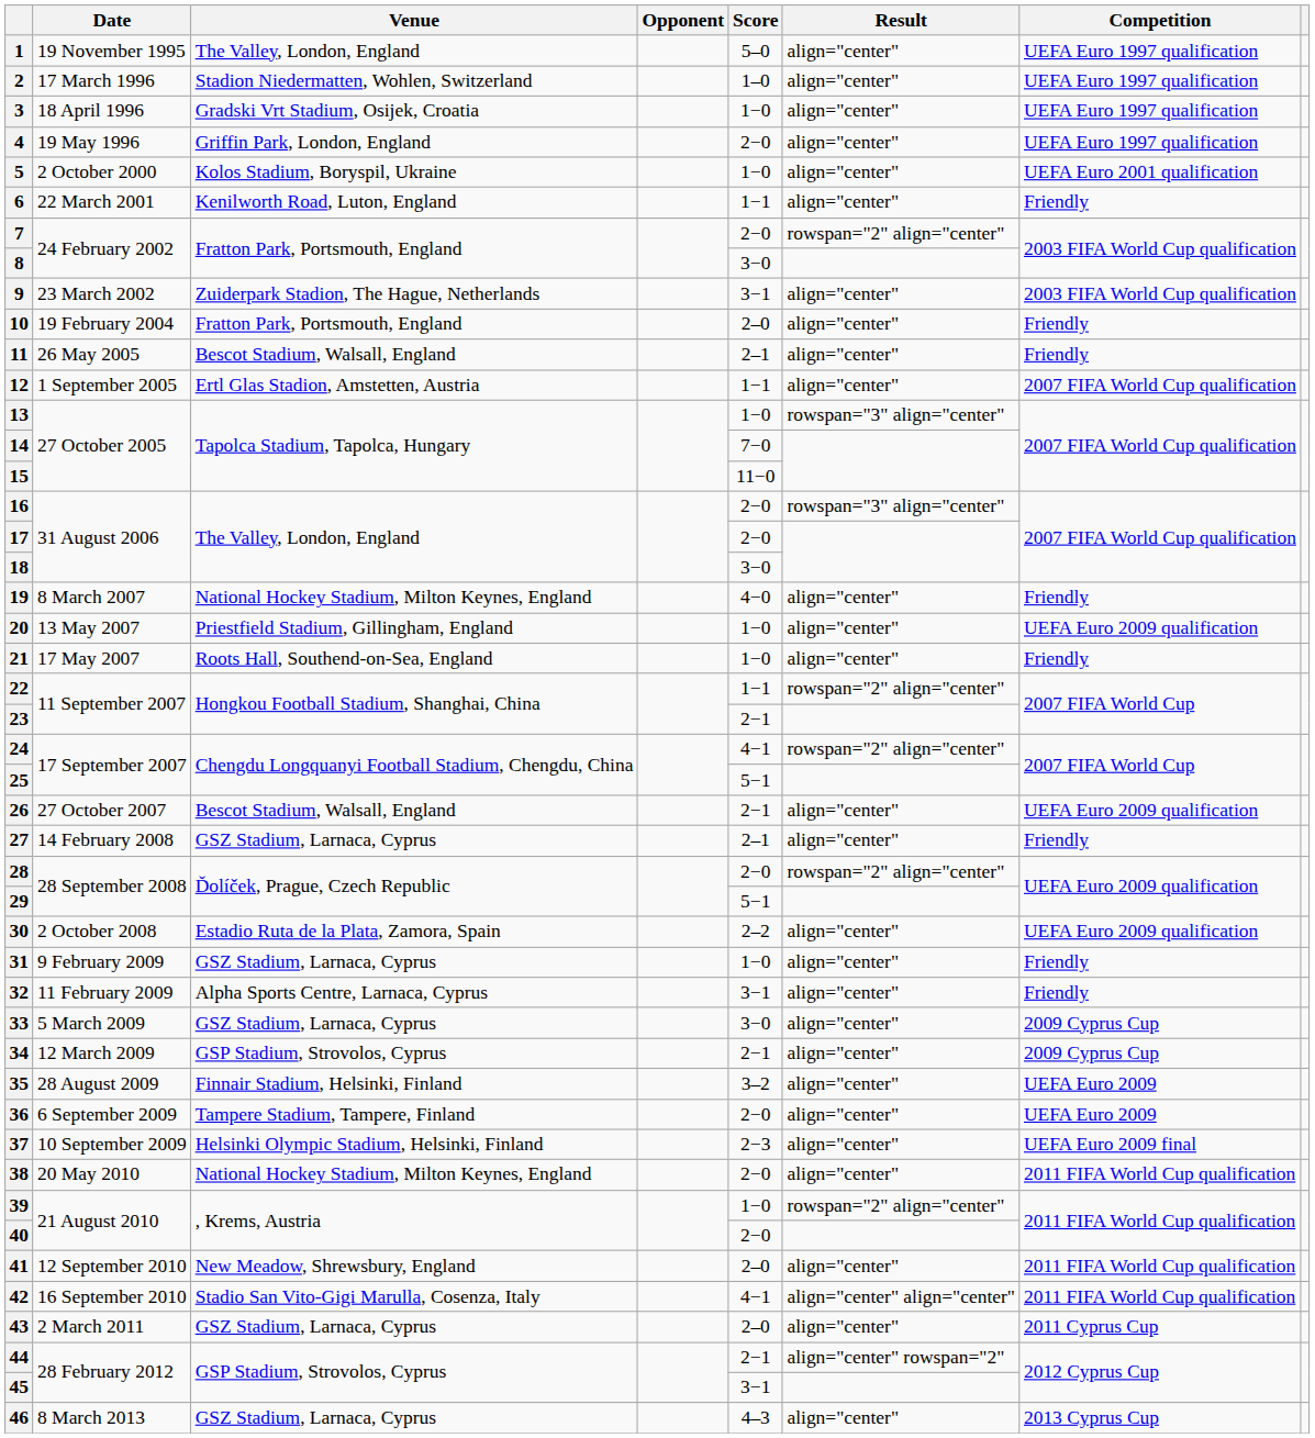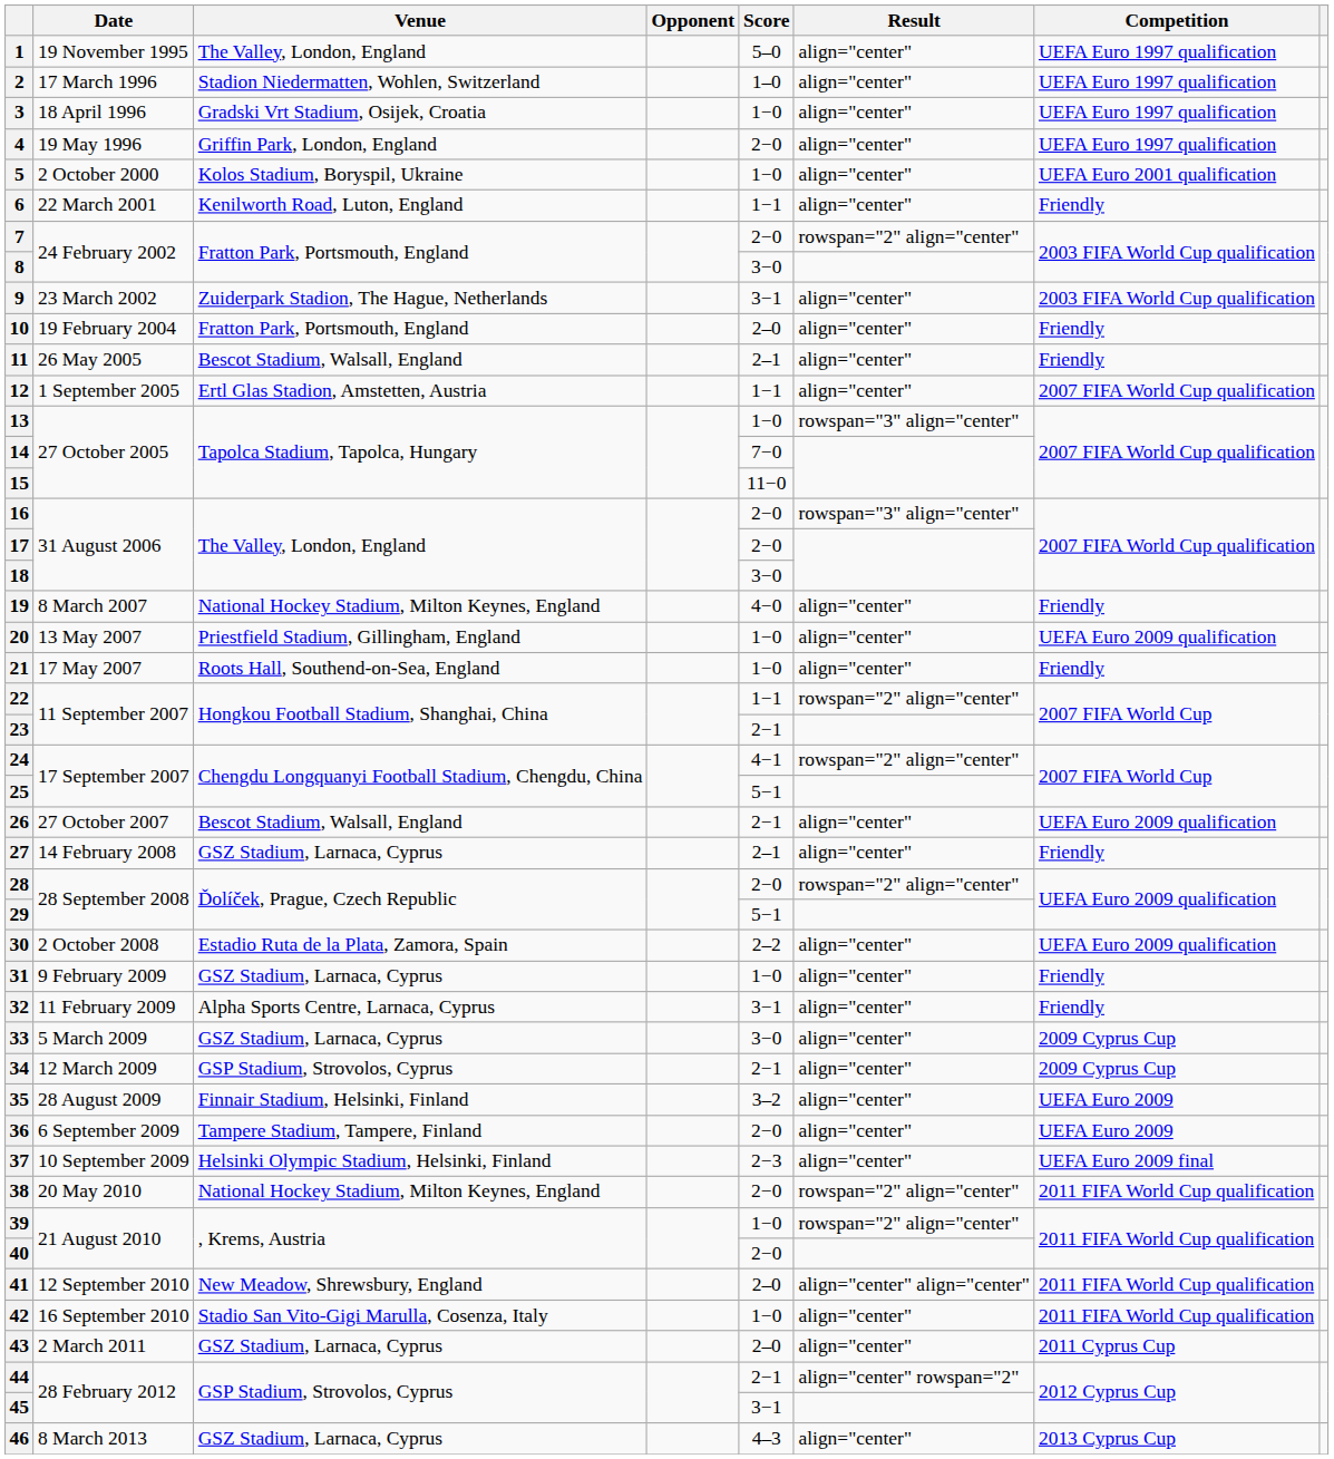 <table class="wikitable sortable">
 <tr>
 <th scope=col></th>
 <th scope=col>Date</th>
 <th scope=col>Venue</th>
 <th scope=col>Opponent</th>
 <th scope=col>Score</th>
 <th scope=col>Result</th>
 <th scope=col>Competition</th>
 <th scope=col class=unsortable></th>
 </tr>
 <tr>
 <th scope="row">1</th>
 <td>19 November 1995</td>
 <td><a href='#'>The Valley</a>, London, England</td>
 <td></td>
 <td align="center">5–0</td>
 <td>align="center" </td>
 <td><a href='#'>UEFA Euro 1997 qualification</a></td>
 <td align="center"></td>
 </tr>
 <tr>
 <th scope="row">2</th>
 <td>17 March 1996</td>
 <td><a href='#'>Stadion Niedermatten</a>, Wohlen, Switzerland</td>
 <td></td>
 <td align="center">1–0</td>
 <td>align="center" </td>
 <td><a href='#'>UEFA Euro 1997 qualification</a></td>
 <td align="center"></td>
 </tr>
 <tr>
 <th scope="row">3</th>
 <td>18 April 1996</td>
 <td><a href='#'>Gradski Vrt Stadium</a>, Osijek, Croatia</td>
 <td></td>
 <td align="center">1−0</td>
 <td>align="center" </td>
 <td><a href='#'>UEFA Euro 1997 qualification</a></td>
 <td align="center"></td>
 </tr>
 <tr>
 <th scope="row">4</th>
 <td>19 May 1996</td>
 <td><a href='#'>Griffin Park</a>, London, England</td>
 <td></td>
 <td align="center">2−0</td>
 <td>align="center" </td>
 <td><a href='#'>UEFA Euro 1997 qualification</a></td>
 <td align="center"></td>
 </tr>
 <tr>
 <th scope="row">5</th>
 <td>2 October 2000</td>
 <td><a href='#'>Kolos Stadium</a>, Boryspil, Ukraine</td>
 <td></td>
 <td align="center">1−0</td>
 <td>align="center" </td>
 <td><a href='#'>UEFA Euro 2001 qualification</a></td>
 <td align="center"></td>
 </tr>
 <tr>
 <th scope="row">6</th>
 <td>22 March 2001</td>
 <td><a href='#'>Kenilworth Road</a>, Luton, England</td>
 <td></td>
 <td align="center">1−1</td>
 <td>align="center" </td>
 <td><a href='#'>Friendly</a></td>
 <td align="center"></td>
 </tr>
 <tr>
 <th scope="row">7</th>
 <td rowspan="2">24 February 2002</td>
 <td rowspan="2"><a href='#'>Fratton Park</a>, Portsmouth, England</td>
 <td rowspan="2"></td>
 <td align="center">2−0</td>
 <td>rowspan="2" align="center" </td>
 <td rowspan="2"><a href='#'>2003 FIFA World Cup qualification</a></td>
 <td rowspan="2" align="center"></td>
 </tr>
 <tr>
 <th scope="row">8</th>
 <td align="center">3−0</td>
 </tr>
 <tr>
 <th scope="row">9</th>
 <td>23 March 2002</td>
 <td><a href='#'>Zuiderpark Stadion</a>, The Hague, Netherlands</td>
 <td></td>
 <td align="center">3−1</td>
 <td>align="center" </td>
 <td><a href='#'>2003 FIFA World Cup qualification</a></td>
 <td align="center"></td>
 </tr>
 <tr>
 <th scope="row">10</th>
 <td>19 February 2004</td>
 <td><a href='#'>Fratton Park</a>, Portsmouth, England</td>
 <td></td>
 <td align="center">2–0</td>
 <td>align="center" </td>
 <td><a href='#'>Friendly</a></td>
 <td align="center"></td>
 </tr>
 <tr>
 <th scope="row">11</th>
 <td>26 May 2005</td>
 <td><a href='#'>Bescot Stadium</a>, Walsall, England</td>
 <td></td>
 <td align="center">2–1</td>
 <td>align="center" </td>
 <td><a href='#'>Friendly</a></td>
 <td align="center"></td>
 </tr>
 <tr>
 <th scope="row">12</th>
 <td>1 September 2005</td>
 <td><a href='#'>Ertl Glas Stadion</a>, Amstetten, Austria</td>
 <td></td>
 <td align="center">1−1</td>
 <td>align="center" </td>
 <td><a href='#'>2007 FIFA World Cup qualification</a></td>
 <td align="center"></td>
 </tr>
 <tr>
 <th scope="row">13</th>
 <td rowspan="3">27 October 2005</td>
 <td rowspan="3"><a href='#'>Tapolca Stadium</a>, Tapolca, Hungary</td>
 <td rowspan="3"></td>
 <td align="center">1−0</td>
 <td>rowspan="3" align="center" </td>
 <td rowspan="3"><a href='#'>2007 FIFA World Cup qualification</a></td>
 <td rowspan="3" align="center"></td>
 </tr>
 <tr>
 <th scope="row">14</th>
 <td align="center">7−0</td>
 </tr>
 <tr>
 <th scope="row">15</th>
 <td align="center">11−0</td>
 </tr>
 <tr>
 <th scope="row">16</th>
 <td rowspan="3">31 August 2006</td>
 <td rowspan="3"><a href='#'>The Valley</a>, London, England</td>
 <td rowspan="3"></td>
 <td align="center">2−0</td>
 <td>rowspan="3" align="center" </td>
 <td rowspan="3"><a href='#'>2007 FIFA World Cup qualification</a></td>
 <td rowspan="3" align="center"></td>
 </tr>
 <tr>
 <th scope="row">17</th>
 <td align="center">2−0</td>
 </tr>
 <tr>
 <th scope="row">18</th>
 <td align="center">3−0</td>
 </tr>
 <tr>
 <th scope="row">19</th>
 <td>8 March 2007</td>
 <td><a href='#'>National Hockey Stadium</a>, Milton Keynes, England</td>
 <td></td>
 <td align="center">4−0</td>
 <td>align="center" </td>
 <td><a href='#'>Friendly</a></td>
 <td align="center"></td>
 </tr>
 <tr>
 <th scope="row">20</th>
 <td>13 May 2007</td>
 <td><a href='#'>Priestfield Stadium</a>, Gillingham, England</td>
 <td></td>
 <td align="center">1−0</td>
 <td>align="center" </td>
 <td><a href='#'>UEFA Euro 2009 qualification</a></td>
 <td align="center"></td>
 </tr>
 <tr>
 <th scope="row">21</th>
 <td>17 May 2007</td>
 <td><a href='#'>Roots Hall</a>, Southend-on-Sea, England</td>
 <td></td>
 <td align="center">1−0</td>
 <td>align="center" </td>
 <td><a href='#'>Friendly</a></td>
 <td align="center"></td>
 </tr>
 <tr>
 <th scope="row">22</th>
 <td rowspan="2">11 September 2007</td>
 <td rowspan="2"><a href='#'>Hongkou Football Stadium</a>, Shanghai, China</td>
 <td rowspan="2"></td>
 <td align="center">1−1</td>
 <td>rowspan="2" align="center" </td>
 <td rowspan="2"><a href='#'>2007 FIFA World Cup</a></td>
 <td rowspan="2" align="center"></td>
 </tr>
 <tr>
 <th scope="row">23</th>
 <td align="center">2−1</td>
 </tr>
 <tr>
 <th scope="row">24</th>
 <td rowspan="2">17 September 2007</td>
 <td rowspan="2"><a href='#'>Chengdu Longquanyi Football Stadium</a>, Chengdu, China</td>
 <td rowspan="2"></td>
 <td align="center">4−1</td>
 <td>rowspan="2" align="center" </td>
 <td rowspan="2"><a href='#'>2007 FIFA World Cup</a></td>
 <td rowspan="2" align="center"></td>
 </tr>
 <tr>
 <th scope="row">25</th>
 <td align="center">5−1</td>
 </tr>
 <tr>
 <th scope="row">26</th>
 <td>27 October 2007</td>
 <td><a href='#'>Bescot Stadium</a>, Walsall, England</td>
 <td></td>
 <td align="center">2−1</td>
 <td>align="center" </td>
 <td><a href='#'>UEFA Euro 2009 qualification</a></td>
 <td align="center"></td>
 </tr>
 <tr>
 <th scope="row">27</th>
 <td>14 February 2008</td>
 <td><a href='#'>GSZ Stadium</a>, Larnaca, Cyprus</td>
 <td></td>
 <td align="center">2–1</td>
 <td>align="center" </td>
 <td><a href='#'>Friendly</a></td>
 <td align="center"></td>
 </tr>
 <tr>
 <th scope="row">28</th>
 <td rowspan="2">28 September 2008</td>
 <td rowspan="2"><a href='#'>Ďolíček</a>, Prague, Czech Republic</td>
 <td rowspan="2"></td>
 <td align="center">2−0</td>
 <td>rowspan="2" align="center" </td>
 <td rowspan="2"><a href='#'>UEFA Euro 2009 qualification</a></td>
 <td rowspan="2" align="center"></td>
 </tr>
 <tr>
 <th scope="row">29</th>
 <td align="center">5−1</td>
 </tr>
 <tr>
 <th scope="row">30</th>
 <td>2 October 2008</td>
 <td><a href='#'>Estadio Ruta de la Plata</a>, Zamora, Spain</td>
 <td></td>
 <td align="center">2–2</td>
 <td>align="center" </td>
 <td><a href='#'>UEFA Euro 2009 qualification</a></td>
 <td align="center"></td>
 </tr>
 <tr>
 <th scope="row">31</th>
 <td>9 February 2009</td>
 <td><a href='#'>GSZ Stadium</a>, Larnaca, Cyprus</td>
 <td></td>
 <td align="center">1−0</td>
 <td>align="center" </td>
 <td><a href='#'>Friendly</a></td>
 <td align="center"></td>
 </tr>
 <tr>
 <th scope="row">32</th>
 <td>11 February 2009</td>
 <td>Alpha Sports Centre, Larnaca, Cyprus</td>
 <td></td>
 <td align="center">3−1</td>
 <td>align="center" </td>
 <td><a href='#'>Friendly</a></td>
 <td align="center"></td>
 </tr>
 <tr>
 <th scope="row">33</th>
 <td>5 March 2009</td>
 <td><a href='#'>GSZ Stadium</a>, Larnaca, Cyprus</td>
 <td></td>
 <td align="center">3−0</td>
 <td>align="center" </td>
 <td><a href='#'>2009 Cyprus Cup</a></td>
 <td align="center"></td>
 </tr>
 <tr>
 <th scope="row">34</th>
 <td>12 March 2009</td>
 <td><a href='#'>GSP Stadium</a>, Strovolos, Cyprus</td>
 <td></td>
 <td align="center">2−1</td>
 <td>align="center" </td>
 <td><a href='#'>2009 Cyprus Cup</a></td>
 <td align="center"></td>
 </tr>
 <tr>
 <th scope="row">35</th>
 <td>28 August 2009</td>
 <td><a href='#'>Finnair Stadium</a>, Helsinki, Finland</td>
 <td></td>
 <td align="center">3–2</td>
 <td>align="center" </td>
 <td><a href='#'>UEFA Euro 2009</a></td>
 <td align="center"></td>
 </tr>
 <tr>
 <th scope="row">36</th>
 <td>6 September 2009</td>
 <td><a href='#'>Tampere Stadium</a>, Tampere, Finland</td>
 <td></td>
 <td align="center">2−0</td>
 <td>align="center" </td>
 <td><a href='#'>UEFA Euro 2009</a></td>
 <td align="center"></td>
 </tr>
 <tr>
 <th scope="row">37</th>
 <td>10 September 2009</td>
 <td><a href='#'>Helsinki Olympic Stadium</a>, Helsinki, Finland</td>
 <td></td>
 <td align="center">2−3</td>
 <td>align="center" </td>
 <td><a href='#'>UEFA Euro 2009 final</a></td>
 <td align="center"></td>
 </tr>
 <tr>
 <th scope="row">38</th>
 <td>20 May 2010</td>
 <td><a href='#'>National Hockey Stadium</a>, Milton Keynes, England</td>
 <td></td>
 <td align="center">2−0</td>
-<td>align="center" </td>
+<td>rowspan="2" align="center" </td>
 <td><a href='#'>2011 FIFA World Cup qualification</a></td>
 <td align="center"></td>
 </tr>
 <tr>
 <th scope="row">39</th>
 <td rowspan="2">21 August 2010</td>
 <td rowspan="2">, Krems, Austria</td>
 <td rowspan="2"></td>
 <td align="center">1−0</td>
 <td>rowspan="2" align="center" </td>
 <td rowspan="2"><a href='#'>2011 FIFA World Cup qualification</a></td>
 <td rowspan="2" align="center"></td>
 </tr>
 <tr>
 <th scope="row">40</th>
 <td align="center">2−0</td>
 </tr>
 <tr>
 <th scope="row">41</th>
 <td>12 September 2010</td>
 <td><a href='#'>New Meadow</a>, Shrewsbury, England</td>
 <td></td>
 <td align="center">2–0</td>
-<td>align="center" </td>
+<td>align="center" align="center" </td>
 <td><a href='#'>2011 FIFA World Cup qualification</a></td>
 <td align="center"></td>
 </tr>
 <tr>
 <th scope="row">42</th>
 <td>16 September 2010</td>
 <td><a href='#'>Stadio San Vito-Gigi Marulla</a>, Cosenza, Italy</td>
 <td></td>
-<td align="center">4−1</td>
-<td>align="center" align="center" </td>
+<td align="center">1−0</td>
+<td>align="center" </td>
 <td><a href='#'>2011 FIFA World Cup qualification</a></td>
 <td align="center"></td>
 </tr>
 <tr>
 <th scope="row">43</th>
 <td>2 March 2011</td>
 <td><a href='#'>GSZ Stadium</a>, Larnaca, Cyprus</td>
 <td></td>
 <td align="center">2–0</td>
 <td>align="center" </td>
 <td><a href='#'>2011 Cyprus Cup</a></td>
 <td align="center"></td>
 </tr>
 <tr>
 <th scope="row">44</th>
 <td rowspan="2">28 February 2012</td>
 <td rowspan="2"><a href='#'>GSP Stadium</a>, Strovolos, Cyprus</td>
 <td rowspan="2"></td>
 <td align="center">2−1</td>
 <td>align="center" rowspan="2" </td>
 <td rowspan="2"><a href='#'>2012 Cyprus Cup</a></td>
 <td rowspan="2" align="center"></td>
 </tr>
 <tr>
 <th scope="row">45</th>
 <td align="center">3−1</td>
 </tr>
 <tr>
 <th scope="row">46</th>
 <td>8 March 2013</td>
 <td><a href='#'>GSZ Stadium</a>, Larnaca, Cyprus</td>
 <td></td>
 <td align="center">4–3</td>
 <td>align="center" </td>
 <td><a href='#'>2013 Cyprus Cup</a></td>
 <td align="center"></td>
 </tr>
 </table>
